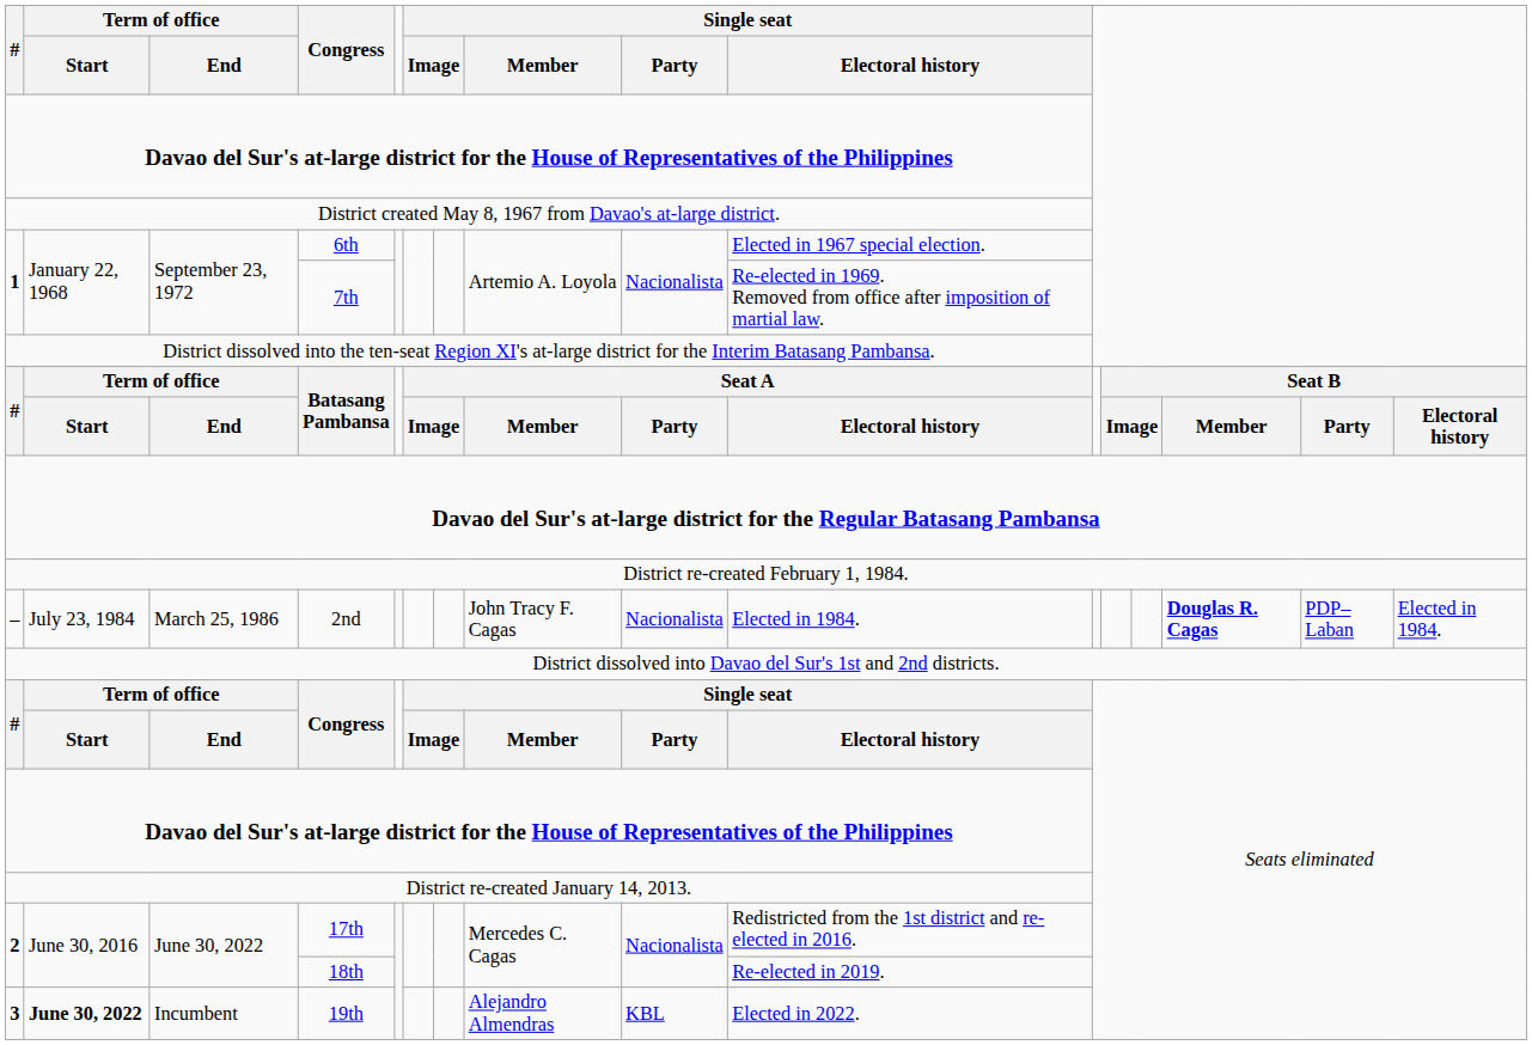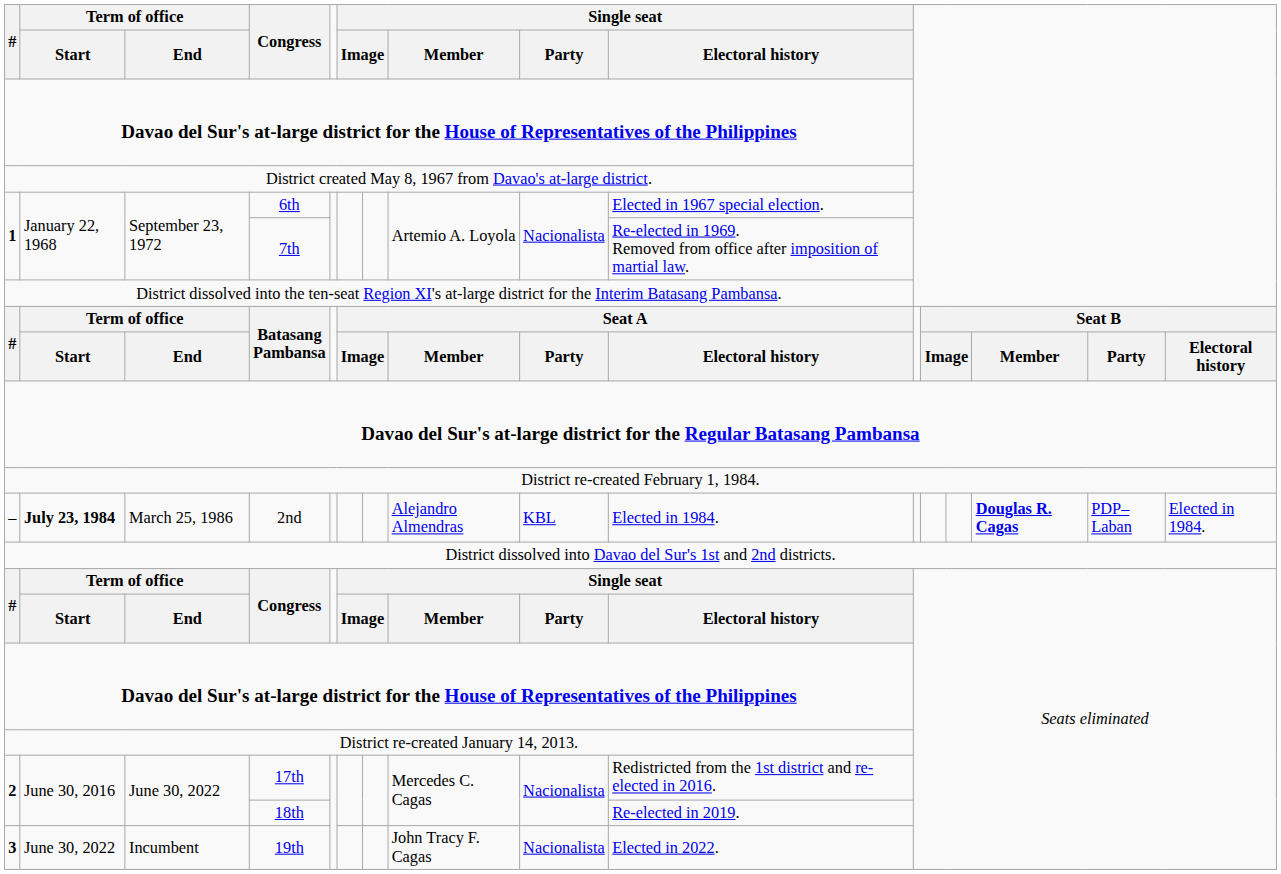 <table class=wikitable>
 <tr>
 <th rowspan=2>#</th>
 <th colspan=2>Term of office</th>
 <th rowspan=2>Congress</th>
 <td rowspan=2></td>
 <th colspan=5>Single seat</th>
 </tr>
 <tr style="height:3em">
 <th>Start</th>
 <th>End</th>
 <th colspan="2" style="text-align:center;">Image</th>
 <th>Member</th>
 <th>Party</th>
 <th>Electoral history</th>
 </tr>
 <tr>
 <td colspan="10" style="text-align:center;"><br><h3>Davao del Sur's at-large district for the <a href='#'>House of Representatives of the Philippines</a></h3></td>
 </tr>
 <tr>
 <td colspan="10" style="text-align:center;">District created May 8, 1967 from <a href='#'>Davao's at-large district</a>.</td>
 </tr>
 <tr>
 <td rowspan="2" style="text-align:center;"><strong>1</strong></td>
 <td rowspan="2">January 22, 1968</td>
 <td rowspan="2">September 23, 1972</td>
 <td style="text-align:center;"><a href='#'>6th</a></td>
 <td rowspan="2"></td>
 <td rowspan="2" style="color:inherit;background:"></td>
 <td rowspan="2"></td>
 <td rowspan="2">Artemio A. Loyola</td>
 <td rowspan="2"><a href='#'>Nacionalista</a></td>
 <td><a href='#'>Elected in 1967 special election</a>.</td>
 </tr>
 <tr>
 <td style="text-align:center;"><a href='#'>7th</a></td>
 <td><a href='#'>Re-elected in 1969</a>.<br>Removed from office after <a href='#'>imposition of martial law</a>.</td>
 </tr>
 <tr>
 <td colspan="10" style="text-align:center;">District dissolved into the ten-seat <a href='#'>Region XI</a>'s at-large district for the <a href='#'>Interim Batasang Pambansa</a>.</td>
 </tr>
 <tr>
 <th rowspan=2>#</th>
 <th colspan=2>Term of office</th>
 <th rowspan=2>Batasang<br>Pambansa</th>
 <td rowspan=2></td>
 <th colspan=5>Seat A</th>
 <td rowspan=2></td>
 <th colspan=5>Seat B</th>
 </tr>
 <tr style="height:3em">
 <th>Start</th>
 <th>End</th>
 <th colspan="2" style="text-align:center;">Image</th>
 <th>Member</th>
 <th>Party</th>
 <th>Electoral history</th>
 <th colspan="2" style="text-align:center;">Image</th>
 <th>Member</th>
 <th>Party</th>
 <th>Electoral history</th>
 </tr>
 <tr>
 <td colspan="16" style="text-align:center;"><br><h3>Davao del Sur's at-large district for the <a href='#'>Regular Batasang Pambansa</a></h3></td>
 </tr>
 <tr>
 <td colspan="16" style="text-align:center;">District re-created February 1, 1984.</td>
 </tr>
 <tr style="height:3em">
 <td style="text-align:center;">–</td>
-<td>July 23, 1984</td>
+<td><strong>July 23, 1984</strong></td>
 <td>March 25, 1986</td>
 <td style="text-align:center;">2nd</td>
 <td></td>
 <td style="color:inherit;background:"></td>
 <td></td>
-<td>John Tracy F. Cagas</td>
-<td><a href='#'>Nacionalista</a></td>
+<td><a href='#'>Alejandro Almendras</a></td>
+<td><a href='#'>KBL</a></td>
 <td><a href='#'>Elected in 1984</a>.</td>
 <td></td>
 <td style="color:inherit;background:"></td>
 <td></td>
 <td><strong><a href='#'>Douglas R. Cagas</a></strong></td>
 <td><a href='#'>PDP–Laban</a></td>
 <td><a href='#'>Elected in 1984</a>.</td>
 </tr>
 <tr>
 <td colspan="16" style="text-align:center;">District dissolved into <a href='#'>Davao del Sur's 1st</a> and <a href='#'>2nd</a> districts.</td>
 </tr>
 <tr>
 <th rowspan=2>#</th>
 <th colspan=2>Term of office</th>
 <th rowspan=2>Congress</th>
 <td rowspan=2></td>
 <th colspan=5>Single seat</th>
 <td rowspan=99 colspan=6 style="text-align:center;"><em>Seats eliminated</em></td>
 </tr>
 <tr style="height:3em">
 <th>Start</th>
 <th>End</th>
 <th colspan="2" style="text-align:center;">Image</th>
 <th>Member</th>
 <th>Party</th>
 <th>Electoral history</th>
 </tr>
 <tr>
 <td colspan="10" style="text-align:center;"><br><h3>Davao del Sur's at-large district for the <a href='#'>House of Representatives of the Philippines</a></h3></td>
 </tr>
 <tr>
 <td colspan="10" style="text-align:center;">District re-created January 14, 2013.</td>
 </tr>
 <tr>
 <td rowspan="2" style="text-align:center;"><strong>2</strong></td>
 <td rowspan="2">June 30, 2016</td>
 <td rowspan="2">June 30, 2022</td>
 <td style="text-align:center;"><a href='#'>17th</a></td>
 <td rowspan=99></td>
 <td rowspan="2" style="color:inherit;background:"></td>
 <td rowspan="2"></td>
 <td rowspan="2">Mercedes C. Cagas</td>
 <td rowspan="2"><a href='#'>Nacionalista</a></td>
 <td>Redistricted from the <a href='#'>1st district</a> and <a href='#'>re-elected in 2016</a>.</td>
 </tr>
 <tr>
 <td style="text-align:center;"><a href='#'>18th</a></td>
 <td><a href='#'>Re-elected in 2019</a>.</td>
 </tr>
 <tr>
 <td style="text-align:center;"><strong>3</strong></td>
-<td><strong>June 30, 2022</strong></td>
+<td>June 30, 2022</td>
 <td>Incumbent</td>
 <td style="text-align:center;"><a href='#'>19th</a></td>
 <td style="background:"></td>
 <td></td>
-<td><a href='#'>Alejandro Almendras</a></td>
-<td><a href='#'>KBL</a></td>
+<td>John Tracy F. Cagas</td>
+<td><a href='#'>Nacionalista</a></td>
 <td><a href='#'>Elected in 2022</a>.</td>
 </tr>
 </table>
